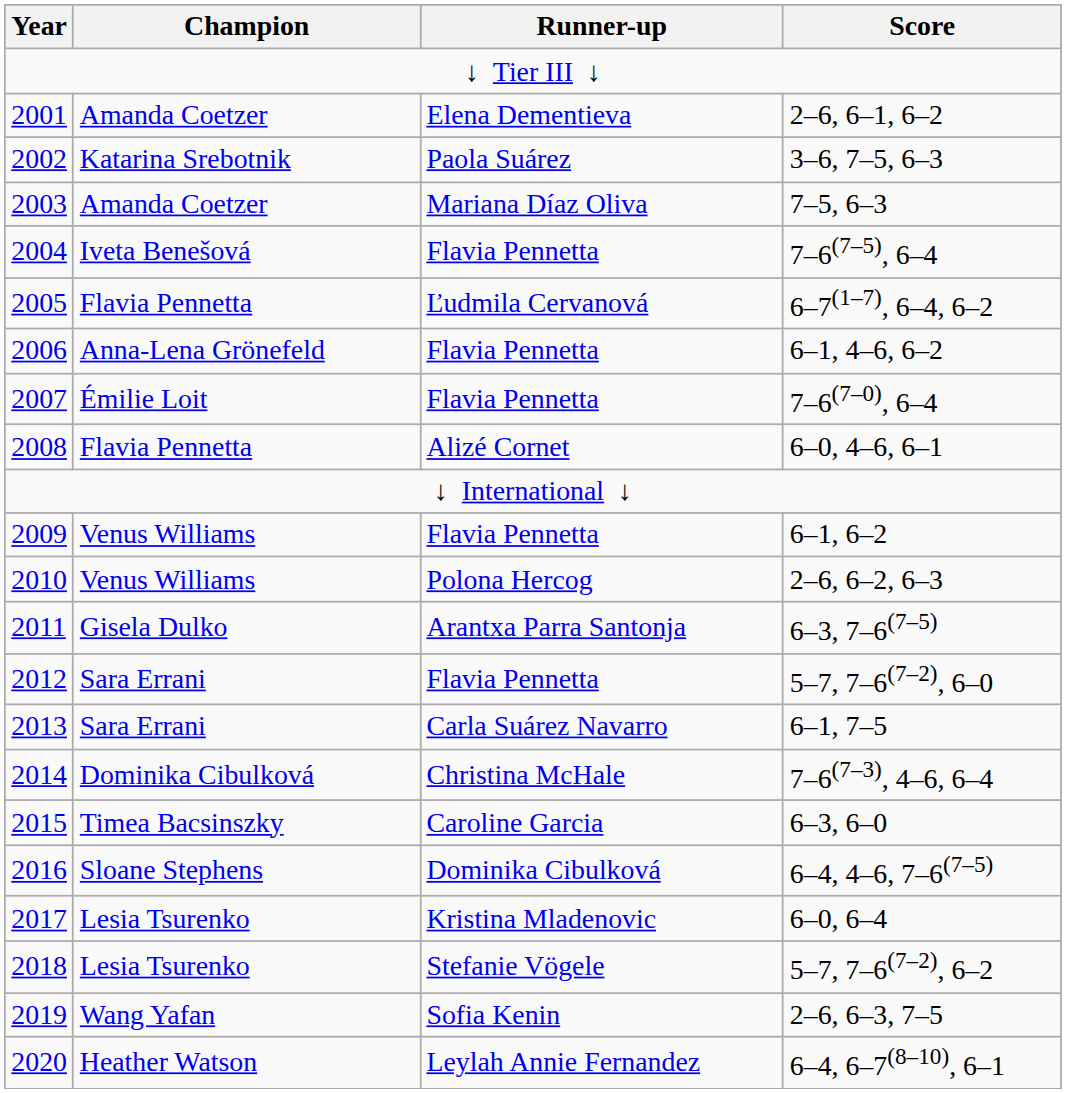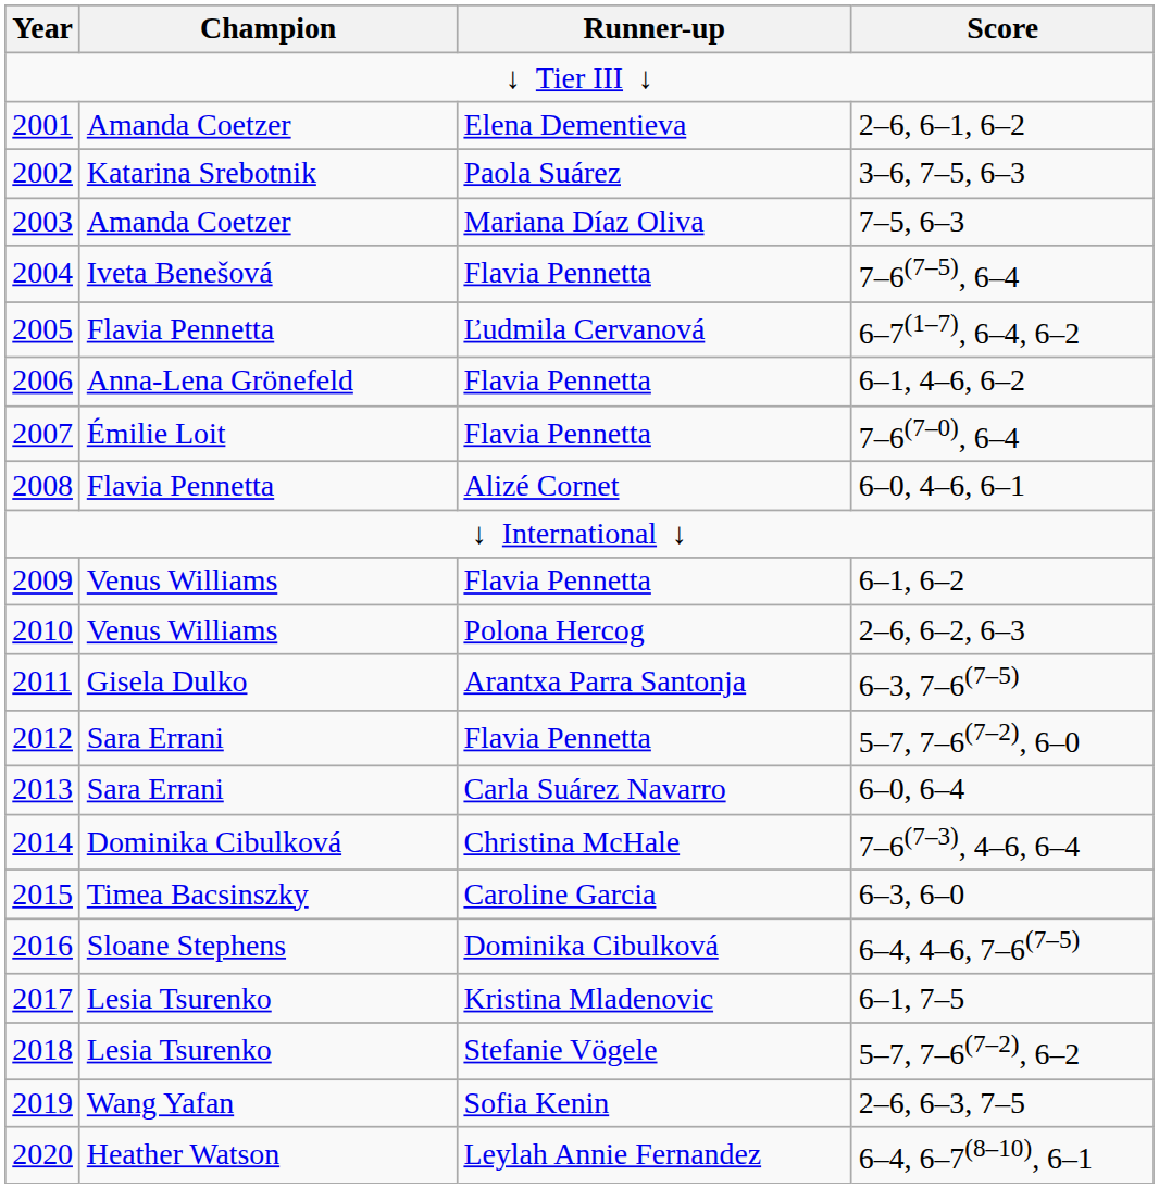 <table class="wikitable">
 <tr>
 <th>Year</th>
 <th width="200">Champion</th>
 <th width="210">Runner-up</th>
 <th width="160">Score</th>
 </tr>
 <tr>
 <td align=center colspan="4">↓  <a href='#'>Tier III</a>  ↓</td>
 </tr>
 <tr>
 <td><a href='#'>2001</a></td>
 <td> <a href='#'>Amanda Coetzer</a></td>
 <td> <a href='#'>Elena Dementieva</a></td>
 <td>2–6, 6–1, 6–2</td>
 </tr>
 <tr>
 <td><a href='#'>2002</a></td>
 <td> <a href='#'>Katarina Srebotnik</a></td>
 <td> <a href='#'>Paola Suárez</a></td>
 <td>3–6, 7–5, 6–3</td>
 </tr>
 <tr>
 <td><a href='#'>2003</a></td>
 <td> <a href='#'>Amanda Coetzer</a> </td>
 <td> <a href='#'>Mariana Díaz Oliva</a></td>
 <td>7–5, 6–3</td>
 </tr>
 <tr>
 <td><a href='#'>2004</a></td>
 <td> <a href='#'>Iveta Benešová</a></td>
 <td> <a href='#'>Flavia Pennetta</a></td>
 <td>7–6<sup>(7–5)</sup>, 6–4</td>
 </tr>
 <tr>
 <td><a href='#'>2005</a></td>
 <td> <a href='#'>Flavia Pennetta</a></td>
 <td> <a href='#'>Ľudmila Cervanová</a></td>
 <td>6–7<sup>(1–7)</sup>, 6–4, 6–2</td>
 </tr>
 <tr>
 <td><a href='#'>2006</a></td>
 <td> <a href='#'>Anna-Lena Grönefeld</a></td>
 <td> <a href='#'>Flavia Pennetta</a></td>
 <td>6–1, 4–6, 6–2</td>
 </tr>
 <tr>
 <td><a href='#'>2007</a></td>
 <td> <a href='#'>Émilie Loit</a></td>
 <td> <a href='#'>Flavia Pennetta</a></td>
 <td>7–6<sup>(7–0)</sup>, 6–4</td>
 </tr>
 <tr>
 <td><a href='#'>2008</a></td>
 <td> <a href='#'>Flavia Pennetta</a> </td>
 <td> <a href='#'>Alizé Cornet</a></td>
 <td>6–0, 4–6, 6–1</td>
 </tr>
 <tr>
 <td align=center colspan="4">↓  <a href='#'>International</a>  ↓</td>
 </tr>
 <tr>
 <td><a href='#'>2009</a></td>
 <td> <a href='#'>Venus Williams</a></td>
 <td> <a href='#'>Flavia Pennetta</a></td>
 <td>6–1, 6–2</td>
 </tr>
 <tr>
 <td><a href='#'>2010</a></td>
 <td> <a href='#'>Venus Williams</a> </td>
 <td> <a href='#'>Polona Hercog</a></td>
 <td>2–6, 6–2, 6–3</td>
 </tr>
 <tr>
 <td><a href='#'>2011</a></td>
 <td> <a href='#'>Gisela Dulko</a></td>
 <td> <a href='#'>Arantxa Parra Santonja</a></td>
 <td>6–3, 7–6<sup>(7–5)</sup></td>
 </tr>
 <tr>
 <td><a href='#'>2012</a></td>
 <td> <a href='#'>Sara Errani</a></td>
 <td> <a href='#'>Flavia Pennetta</a></td>
 <td>5–7, 7–6<sup>(7–2)</sup>, 6–0</td>
 </tr>
 <tr>
 <td><a href='#'>2013</a></td>
 <td> <a href='#'>Sara Errani</a> </td>
 <td> <a href='#'>Carla Suárez Navarro</a></td>
-<td>6–1, 7–5</td>
+<td>6–0, 6–4</td>
 </tr>
 <tr>
 <td><a href='#'>2014</a></td>
 <td> <a href='#'>Dominika Cibulková</a></td>
 <td> <a href='#'>Christina McHale</a></td>
 <td>7–6<sup>(7–3)</sup>, 4–6,  6–4</td>
 </tr>
 <tr>
 <td><a href='#'>2015</a></td>
 <td> <a href='#'>Timea Bacsinszky</a></td>
 <td> <a href='#'>Caroline Garcia</a></td>
 <td>6–3, 6–0</td>
 </tr>
 <tr>
 <td><a href='#'>2016</a></td>
 <td> <a href='#'>Sloane Stephens</a></td>
 <td> <a href='#'>Dominika Cibulková</a></td>
 <td>6–4, 4–6, 7–6<sup>(7–5)</sup></td>
 </tr>
 <tr>
 <td><a href='#'>2017</a></td>
 <td> <a href='#'>Lesia Tsurenko</a></td>
 <td> <a href='#'>Kristina Mladenovic</a></td>
-<td>6–0, 6–4</td>
+<td>6–1, 7–5</td>
 </tr>
 <tr>
 <td><a href='#'>2018</a></td>
 <td> <a href='#'>Lesia Tsurenko</a> </td>
 <td> <a href='#'>Stefanie Vögele</a></td>
 <td>5–7, 7–6<sup>(7–2)</sup>, 6–2</td>
 </tr>
 <tr>
 <td><a href='#'>2019</a></td>
 <td> <a href='#'>Wang Yafan</a></td>
 <td> <a href='#'>Sofia Kenin</a></td>
 <td>2–6, 6–3, 7–5</td>
 </tr>
 <tr>
 <td><a href='#'>2020</a></td>
 <td> <a href='#'>Heather Watson</a></td>
 <td> <a href='#'>Leylah Annie Fernandez</a></td>
 <td>6–4, 6–7<sup>(8–10)</sup>, 6–1</td>
 </tr>
 </table>
